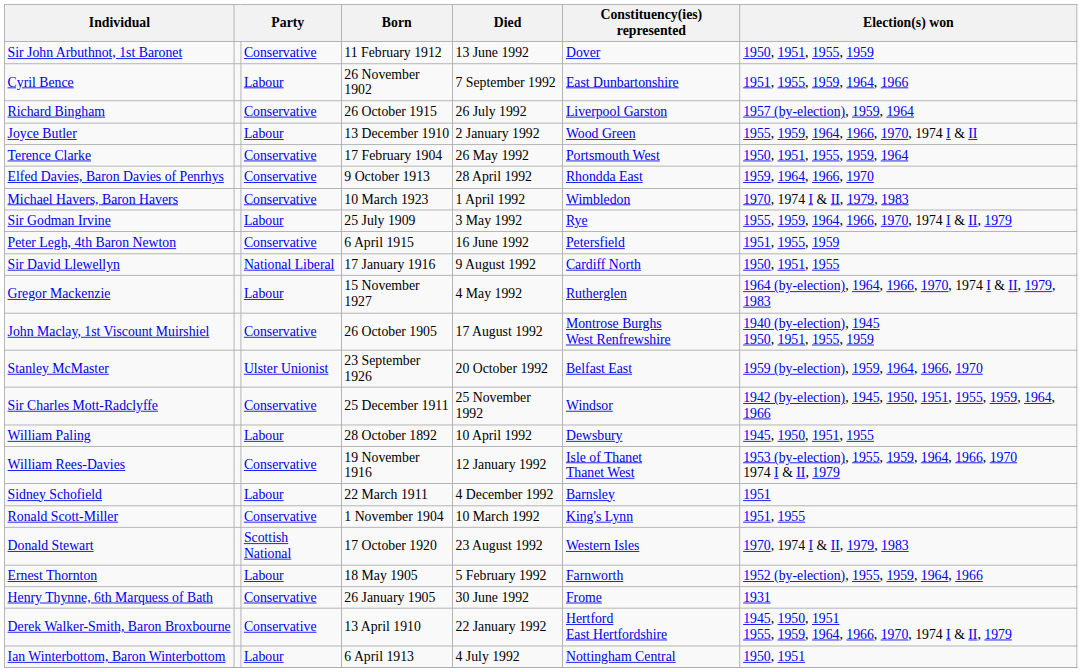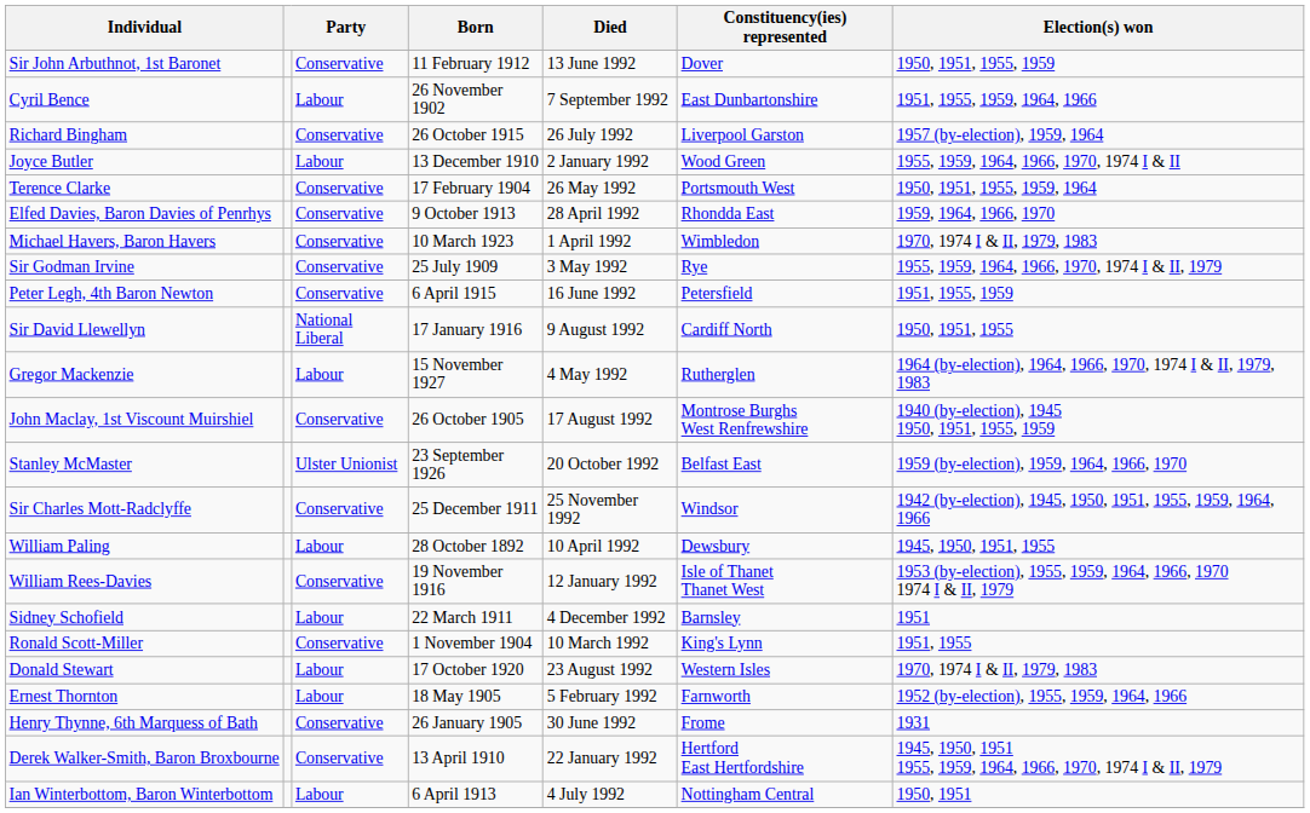 <table class="wikitable sortable">
 <tr>
 <th width="260px">Individual</th>
 <th colspan="2">Party</th>
 <th>Born</th>
 <th>Died</th>
 <th>Constituency(ies) represented</th>
 <th>Election(s) won</th>
 </tr>
 <tr>
 <td><a href='#'>Sir John Arbuthnot, 1st Baronet</a></td>
 <td style="background-color: "></td>
 <td><a href='#'>Conservative</a></td>
 <td>11 February 1912</td>
 <td>13 June 1992</td>
 <td><a href='#'>Dover</a></td>
 <td><a href='#'>1950</a>, <a href='#'>1951</a>, <a href='#'>1955</a>, <a href='#'>1959</a></td>
 </tr>
 <tr>
 <td><a href='#'>Cyril Bence</a></td>
 <td style="background-color: "></td>
 <td><a href='#'>Labour</a></td>
 <td>26 November 1902</td>
 <td>7 September 1992</td>
 <td><a href='#'>East Dunbartonshire</a></td>
 <td><a href='#'>1951</a>, <a href='#'>1955</a>, <a href='#'>1959</a>, <a href='#'>1964</a>, <a href='#'>1966</a></td>
 </tr>
 <tr>
 <td><a href='#'>Richard Bingham</a></td>
 <td style="background-color: "></td>
 <td><a href='#'>Conservative</a></td>
 <td>26 October 1915</td>
 <td>26 July 1992</td>
 <td><a href='#'>Liverpool Garston</a></td>
 <td><a href='#'>1957 (by-election)</a>, <a href='#'>1959</a>, <a href='#'>1964</a></td>
 </tr>
 <tr>
 <td><a href='#'>Joyce Butler</a></td>
 <td style="background-color: "></td>
 <td><a href='#'>Labour</a></td>
 <td>13 December 1910</td>
 <td>2 January 1992</td>
 <td><a href='#'>Wood Green</a></td>
 <td><a href='#'>1955</a>, <a href='#'>1959</a>, <a href='#'>1964</a>, <a href='#'>1966</a>, <a href='#'>1970</a>, 1974 <a href='#'>I</a> & <a href='#'>II</a></td>
 </tr>
 <tr>
 <td><a href='#'>Terence Clarke</a></td>
 <td style="background-color: "></td>
 <td><a href='#'>Conservative</a></td>
 <td>17 February 1904</td>
 <td>26 May 1992</td>
 <td><a href='#'>Portsmouth West</a></td>
 <td><a href='#'>1950</a>, <a href='#'>1951</a>, <a href='#'>1955</a>, <a href='#'>1959</a>, <a href='#'>1964</a></td>
 </tr>
 <tr>
 <td><a href='#'>Elfed Davies, Baron Davies of Penrhys</a></td>
 <td style="background-color: "></td>
 <td><a href='#'>Conservative</a></td>
 <td>9 October 1913</td>
 <td>28 April 1992</td>
 <td><a href='#'>Rhondda East</a></td>
 <td><a href='#'>1959</a>, <a href='#'>1964</a>, <a href='#'>1966</a>, <a href='#'>1970</a></td>
 </tr>
 <tr>
 <td><a href='#'>Michael Havers, Baron Havers</a></td>
 <td style="background-color: "></td>
 <td><a href='#'>Conservative</a></td>
 <td>10 March 1923</td>
 <td>1 April 1992</td>
 <td><a href='#'>Wimbledon</a></td>
 <td><a href='#'>1970</a>, 1974 <a href='#'>I</a> & <a href='#'>II</a>, <a href='#'>1979</a>, <a href='#'>1983</a></td>
 </tr>
 <tr>
 <td><a href='#'>Sir Godman Irvine</a></td>
 <td style="background-color: "></td>
-<td><a href='#'>Labour</a></td>
+<td><a href='#'>Conservative</a></td>
 <td>25 July 1909</td>
 <td>3 May 1992</td>
 <td><a href='#'>Rye</a></td>
 <td><a href='#'>1955</a>, <a href='#'>1959</a>, <a href='#'>1964</a>, <a href='#'>1966</a>, <a href='#'>1970</a>, 1974 <a href='#'>I</a> & <a href='#'>II</a>, <a href='#'>1979</a></td>
 </tr>
 <tr>
 <td><a href='#'>Peter Legh, 4th Baron Newton</a></td>
 <td style="background-color: "></td>
 <td><a href='#'>Conservative</a></td>
 <td>6 April 1915</td>
 <td>16 June 1992</td>
 <td><a href='#'>Petersfield</a></td>
 <td><a href='#'>1951</a>, <a href='#'>1955</a>, <a href='#'>1959</a></td>
 </tr>
 <tr>
 <td><a href='#'>Sir David Llewellyn</a></td>
 <td style="background-color: "></td>
 <td><a href='#'>National Liberal</a></td>
 <td>17 January 1916</td>
 <td>9 August 1992</td>
 <td><a href='#'>Cardiff North</a></td>
 <td><a href='#'>1950</a>, <a href='#'>1951</a>, <a href='#'>1955</a></td>
 </tr>
 <tr>
 <td><a href='#'>Gregor Mackenzie</a></td>
 <td style="background-color: "></td>
 <td><a href='#'>Labour</a></td>
 <td>15 November 1927</td>
 <td>4 May 1992</td>
 <td><a href='#'>Rutherglen</a></td>
 <td><a href='#'>1964 (by-election)</a>, <a href='#'>1964</a>, <a href='#'>1966</a>, <a href='#'>1970</a>, 1974 <a href='#'>I</a> & <a href='#'>II</a>, <a href='#'>1979</a>, <a href='#'>1983</a></td>
 </tr>
 <tr>
 <td><a href='#'>John Maclay, 1st Viscount Muirshiel</a></td>
 <td style="background-color: "></td>
 <td><a href='#'>Conservative</a></td>
 <td>26 October 1905</td>
 <td>17 August 1992</td>
 <td><a href='#'>Montrose Burghs</a><br><a href='#'>West Renfrewshire</a></td>
 <td><a href='#'>1940 (by-election)</a>, <a href='#'>1945</a><br><a href='#'>1950</a>, <a href='#'>1951</a>, <a href='#'>1955</a>, <a href='#'>1959</a></td>
 </tr>
 <tr>
 <td><a href='#'>Stanley McMaster</a></td>
 <td style="background-color: "></td>
 <td><a href='#'>Ulster Unionist</a></td>
 <td>23 September 1926</td>
 <td>20 October 1992</td>
 <td><a href='#'>Belfast East</a></td>
 <td><a href='#'>1959 (by-election)</a>, <a href='#'>1959</a>, <a href='#'>1964</a>, <a href='#'>1966</a>, <a href='#'>1970</a></td>
 </tr>
 <tr>
 <td><a href='#'>Sir Charles Mott-Radclyffe</a></td>
 <td style="background-color: "></td>
 <td><a href='#'>Conservative</a></td>
 <td>25 December 1911</td>
 <td>25 November 1992</td>
 <td><a href='#'>Windsor</a></td>
 <td><a href='#'>1942 (by-election)</a>, <a href='#'>1945</a>, <a href='#'>1950</a>, <a href='#'>1951</a>, <a href='#'>1955</a>, <a href='#'>1959</a>, <a href='#'>1964</a>, <a href='#'>1966</a></td>
 </tr>
 <tr>
 <td><a href='#'>William Paling</a></td>
 <td style="background-color: "></td>
 <td><a href='#'>Labour</a></td>
 <td>28 October 1892</td>
 <td>10 April 1992</td>
 <td><a href='#'>Dewsbury</a></td>
 <td><a href='#'>1945</a>, <a href='#'>1950</a>, <a href='#'>1951</a>, <a href='#'>1955</a></td>
 </tr>
 <tr>
 <td><a href='#'>William Rees-Davies</a></td>
 <td style="background-color: "></td>
 <td><a href='#'>Conservative</a></td>
 <td>19 November 1916</td>
 <td>12 January 1992</td>
 <td><a href='#'>Isle of Thanet</a><br><a href='#'>Thanet West</a></td>
 <td><a href='#'>1953 (by-election)</a>, <a href='#'>1955</a>, <a href='#'>1959</a>, <a href='#'>1964</a>, <a href='#'>1966</a>, <a href='#'>1970</a><br>1974 <a href='#'>I</a> & <a href='#'>II</a>, <a href='#'>1979</a></td>
 </tr>
 <tr>
 <td><a href='#'>Sidney Schofield</a></td>
 <td style="background-color: "></td>
 <td><a href='#'>Labour</a></td>
 <td>22 March 1911</td>
 <td>4 December 1992</td>
 <td><a href='#'>Barnsley</a></td>
 <td><a href='#'>1951</a></td>
 </tr>
 <tr>
 <td><a href='#'>Ronald Scott-Miller</a></td>
 <td style="background-color: "></td>
 <td><a href='#'>Conservative</a></td>
 <td>1 November 1904</td>
 <td>10 March 1992</td>
 <td><a href='#'>King's Lynn</a></td>
 <td><a href='#'>1951</a>, <a href='#'>1955</a></td>
 </tr>
 <tr>
 <td><a href='#'>Donald Stewart</a></td>
 <td style="background-color: "></td>
-<td><a href='#'>Scottish National</a></td>
+<td><a href='#'>Labour</a></td>
 <td>17 October 1920</td>
 <td>23 August 1992</td>
 <td><a href='#'>Western Isles</a></td>
 <td><a href='#'>1970</a>, 1974 <a href='#'>I</a> & <a href='#'>II</a>, <a href='#'>1979</a>, <a href='#'>1983</a></td>
 </tr>
 <tr>
 <td><a href='#'>Ernest Thornton</a></td>
 <td style="background-color: "></td>
 <td><a href='#'>Labour</a></td>
 <td>18 May 1905</td>
 <td>5 February 1992</td>
 <td><a href='#'>Farnworth</a></td>
 <td><a href='#'>1952 (by-election)</a>, <a href='#'>1955</a>, <a href='#'>1959</a>, <a href='#'>1964</a>, <a href='#'>1966</a></td>
 </tr>
 <tr>
 <td><a href='#'>Henry Thynne, 6th Marquess of Bath</a></td>
 <td style="background-color: "></td>
 <td><a href='#'>Conservative</a></td>
 <td>26 January 1905</td>
 <td>30 June 1992</td>
 <td><a href='#'>Frome</a></td>
 <td><a href='#'>1931</a></td>
 </tr>
 <tr>
 <td><a href='#'>Derek Walker-Smith, Baron Broxbourne</a></td>
 <td style="background-color: "></td>
 <td><a href='#'>Conservative</a></td>
 <td>13 April 1910</td>
 <td>22 January 1992</td>
 <td><a href='#'>Hertford</a><br><a href='#'>East Hertfordshire</a></td>
 <td><a href='#'>1945</a>, <a href='#'>1950</a>, <a href='#'>1951</a><br><a href='#'>1955</a>, <a href='#'>1959</a>, <a href='#'>1964</a>, <a href='#'>1966</a>, <a href='#'>1970</a>, 1974 <a href='#'>I</a> & <a href='#'>II</a>, <a href='#'>1979</a></td>
 </tr>
 <tr>
 <td><a href='#'>Ian Winterbottom, Baron Winterbottom</a></td>
 <td style="background-color: "></td>
 <td><a href='#'>Labour</a></td>
 <td>6 April 1913</td>
 <td>4 July 1992</td>
 <td><a href='#'>Nottingham Central</a></td>
 <td><a href='#'>1950</a>, <a href='#'>1951</a></td>
 </tr>
 <tr>
 </tr>
 </table>
